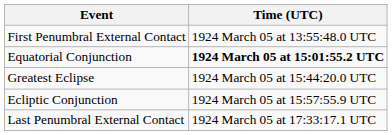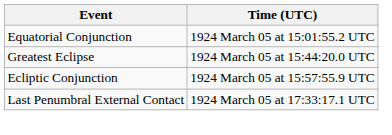 <table class="wikitable">
 <tr>
 <th>Event</th>
 <th>Time (UTC)</th>
 </tr>
 <tr>
-<td>First Penumbral External Contact</td>
-<td>1924 March 05 at 13:55:48.0 UTC</td>
-</tr>
-<tr>
 <td>Equatorial Conjunction</td>
-<td><strong>1924 March 05 at 15:01:55.2 UTC</strong></td>
+<td>1924 March 05 at 15:01:55.2 UTC</td>
 </tr>
 <tr>
 <td>Greatest Eclipse</td>
 <td>1924 March 05 at 15:44:20.0 UTC</td>
 </tr>
 <tr>
 <td>Ecliptic Conjunction</td>
 <td>1924 March 05 at 15:57:55.9 UTC</td>
 </tr>
 <tr>
 <td>Last Penumbral External Contact</td>
 <td>1924 March 05 at 17:33:17.1 UTC</td>
 </tr>
 </table>
